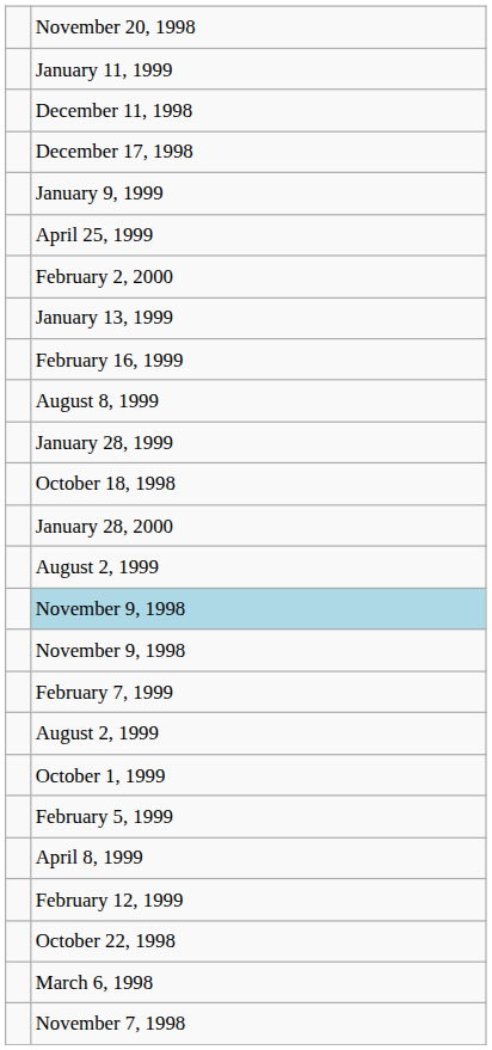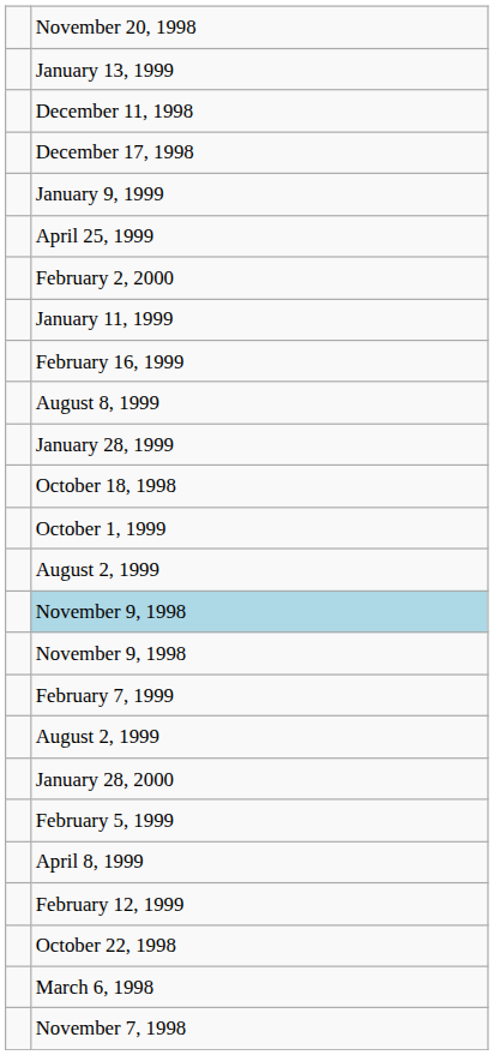 <table class="wikitable" style="font-size: 89%; float: left; width: 24em; margin-right: 1em; line-height: 1.6em !important; height: 625px;">
 <tr>
 <td></td>
 <td>November 20, 1998</td>
 </tr>
 <tr>
 <td></td>
-<td>January 11, 1999</td>
+<td>January 13, 1999</td>
 </tr>
 <tr>
 <td></td>
 <td>December 11, 1998</td>
 </tr>
 <tr>
 <td></td>
 <td>December 17, 1998</td>
 </tr>
 <tr>
 <td></td>
 <td>January 9, 1999</td>
 </tr>
 <tr>
 <td></td>
 <td>April 25, 1999</td>
 </tr>
 <tr>
 <td></td>
 <td>February 2, 2000</td>
 </tr>
 <tr>
 <td></td>
-<td>January 13, 1999</td>
+<td>January 11, 1999</td>
 </tr>
 <tr>
 <td></td>
 <td>February 16, 1999</td>
 </tr>
 <tr>
 <td></td>
 <td>August 8, 1999</td>
 </tr>
 <tr>
 <td></td>
 <td>January 28, 1999</td>
 </tr>
 <tr>
 <td></td>
 <td>October 18, 1998</td>
 </tr>
 <tr>
 <td></td>
-<td>January 28, 2000</td>
+<td>October 1, 1999</td>
 </tr>
 <tr>
 <td></td>
 <td>August 2, 1999</td>
 </tr>
 <tr>
 <td></td>
 <td style="background: lightblue;">November 9, 1998</td>
 </tr>
 <tr>
 <td></td>
 <td>November 9, 1998</td>
 </tr>
 <tr>
 <td></td>
 <td>February 7, 1999</td>
 </tr>
 <tr>
 <td></td>
 <td>August 2, 1999</td>
 </tr>
 <tr>
 <td></td>
-<td>October 1, 1999</td>
+<td>January 28, 2000</td>
 </tr>
 <tr>
 <td></td>
 <td>February 5, 1999</td>
 </tr>
 <tr>
 <td></td>
 <td>April 8, 1999</td>
 </tr>
 <tr>
 <td></td>
 <td>February 12, 1999</td>
 </tr>
 <tr>
 <td></td>
 <td>October 22, 1998</td>
 </tr>
 <tr>
 <td></td>
 <td>March 6, 1998</td>
 </tr>
 <tr>
 <td></td>
 <td>November 7, 1998</td>
 </tr>
 </table>
